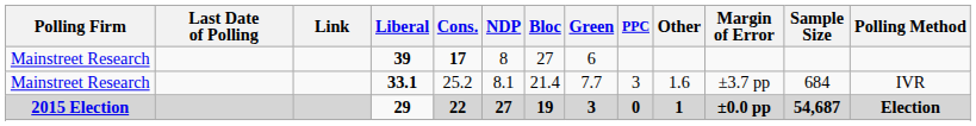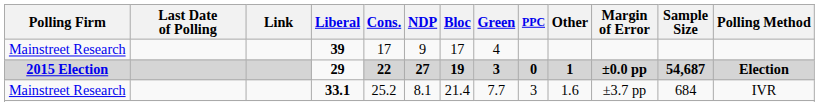 <table class="wikitable sortable" style="text-align:center;font-size:90%;line-height:14px;">
 <tr style="background:#e9e9e9;">
 <th style="width:120px">Polling Firm</th>
 <th style="width:110px">Last Date<br>of Polling</th>
 <th style="width:60px" class="unsortable">Link</th>
 <th style="background-color:"><strong><a href='#'>Liberal</a></strong></th>
 <th style="background-color:"><strong><a href='#'>Cons.</a></strong></th>
 <th style="background-color:"><strong><a href='#'>NDP</a></strong></th>
 <th style="background-color:"><strong><a href='#'>Bloc</a></strong></th>
 <th style="background-color:"><strong><a href='#'>Green</a></strong></th>
 <th style="background-color:"><strong><small><a href='#'>PPC</a></small></strong></th>
 <th style="background-color:"><strong>Other</strong></th>
 <th style="width:60px;" class=unsortable>Margin<br>of Error</th>
 <th style="width:50px;" class=unsortable>Sample<br>Size</th>
 <th class=unsortable>Polling Method</th>
 </tr>
 <tr>
 <td><a href='#'>Mainstreet Research</a></td>
 <td></td>
 <td></td>
 <td><strong>39</strong></td>
-<td><strong>17</strong></td>
-<td>8</td>
-<td>27</td>
-<td>6</td>
+<td>17</td>
+<td>9</td>
+<td>17</td>
+<td>4</td>
 <td></td>
 <td></td>
 <td></td>
 <td></td>
 <td></td>
+</tr>
+<tr>
+<td style="background:#D5D5D5"><strong><a href='#'>2015 Election</a></strong></td>
+<td style="background:#D5D5D5"><strong></strong></td>
+<td style="background:#D5D5D5"></td>
+<td><strong>29</strong></td>
+<td style="background:#D5D5D5"><strong>22</strong></td>
+<td style="background:#D5D5D5"><strong>27</strong></td>
+<td style="background:#D5D5D5"><strong>19</strong></td>
+<td style="background:#D5D5D5"><strong>3</strong></td>
+<td style="background:#D5D5D5"><strong>0</strong></td>
+<td style="background:#D5D5D5"><strong>1</strong></td>
+<td style="background:#D5D5D5"><strong>±0.0 pp</strong></td>
+<td style="background:#D5D5D5"><strong>54,687</strong></td>
+<td style="background:#D5D5D5"><strong>Election</strong></td>
 </tr>
 <tr>
 <td><a href='#'>Mainstreet Research</a></td>
 <td></td>
 <td></td>
 <td><strong>33.1</strong></td>
 <td>25.2</td>
 <td>8.1</td>
 <td>21.4</td>
 <td>7.7</td>
 <td>3</td>
 <td>1.6</td>
 <td>±3.7 pp</td>
 <td>684</td>
 <td>IVR</td>
 </tr>
 <tr>
-<td style="background:#D5D5D5"><strong><a href='#'>2015 Election</a></strong></td>
-<td style="background:#D5D5D5"><strong></strong></td>
-<td style="background:#D5D5D5"></td>
-<td><strong>29</strong></td>
-<td style="background:#D5D5D5"><strong>22</strong></td>
-<td style="background:#D5D5D5"><strong>27</strong></td>
-<td style="background:#D5D5D5"><strong>19</strong></td>
-<td style="background:#D5D5D5"><strong>3</strong></td>
-<td style="background:#D5D5D5"><strong>0</strong></td>
-<td style="background:#D5D5D5"><strong>1</strong></td>
-<td style="background:#D5D5D5"><strong>±0.0 pp</strong></td>
-<td style="background:#D5D5D5"><strong>54,687</strong></td>
-<td style="background:#D5D5D5"><strong>Election</strong></td>
-</tr>
-<tr>
 </tr>
 <tr>
 </tr>
 </table>
